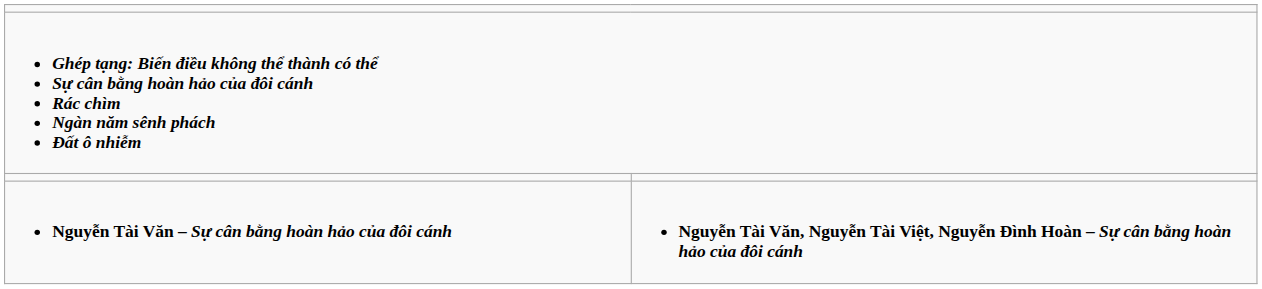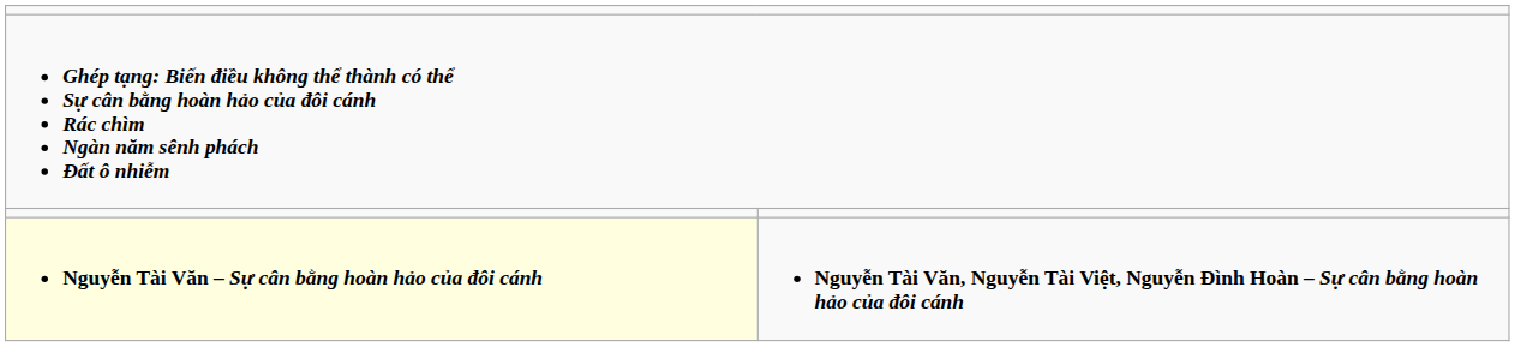 <table class="wikitable" align="center" style="width:91%;">
 <tr>
 <td colspan="2" style="vertical-align:top; width:100%;"></td>
 </tr>
 <tr>
 <td colspan="2" valign="top"><br><ul><li><strong><em><span>Ghép tạng: Biến điều không thể thành có thể</span></em></strong></li><li><strong><em><span>Sự cân bằng hoàn hảo của đôi cánh</span></em></strong></li><li><strong><em><span>Rác chìm</span></em></strong></li><li><strong><em><span>Ngàn năm sênh phách</span></em></strong></li><li><strong><em><span>Đất ô nhiễm</span></em></strong></li></ul></td>
 </tr>
 <tr>
 <td style="vertical-align:top; width:50%;"></td>
 <td style="vertical-align:top; width:50%;"></td>
 </tr>
 <tr>
-<td valign="top"><br><ul><li><strong>Nguyễn Tài Văn – <em>Sự cân bằng hoàn hảo của đôi cánh</em> </strong></li></ul></td>
+<td valign="top" style="background: lightyellow;"><br><ul><li><strong>Nguyễn Tài Văn – <em>Sự cân bằng hoàn hảo của đôi cánh</em> </strong></li></ul></td>
 <td valign="top"><br><ul><li><strong>Nguyễn Tài Văn, Nguyễn Tài Việt, Nguyễn Đình Hoàn – <em>Sự cân bằng hoàn hảo của đôi cánh</em> </strong></li></ul></td>
 </tr>
 </table>
